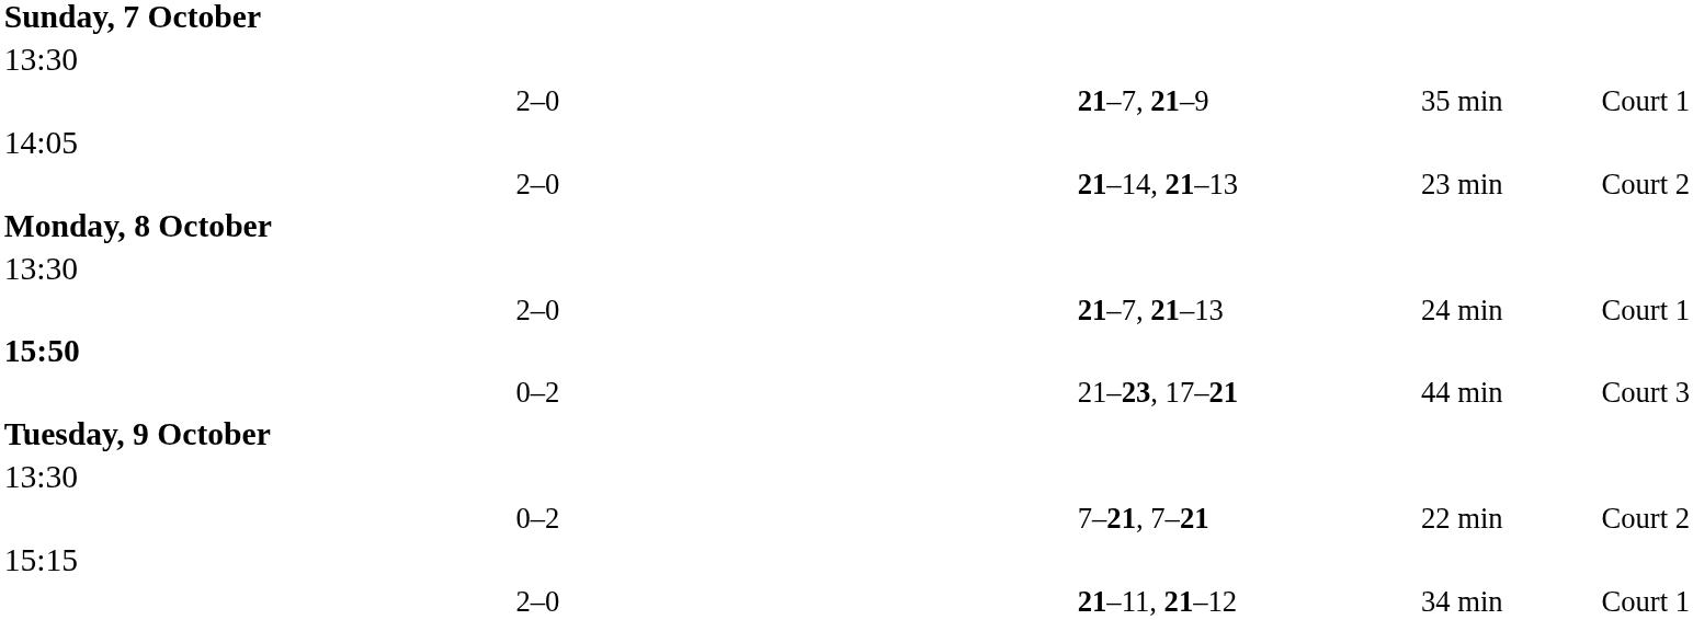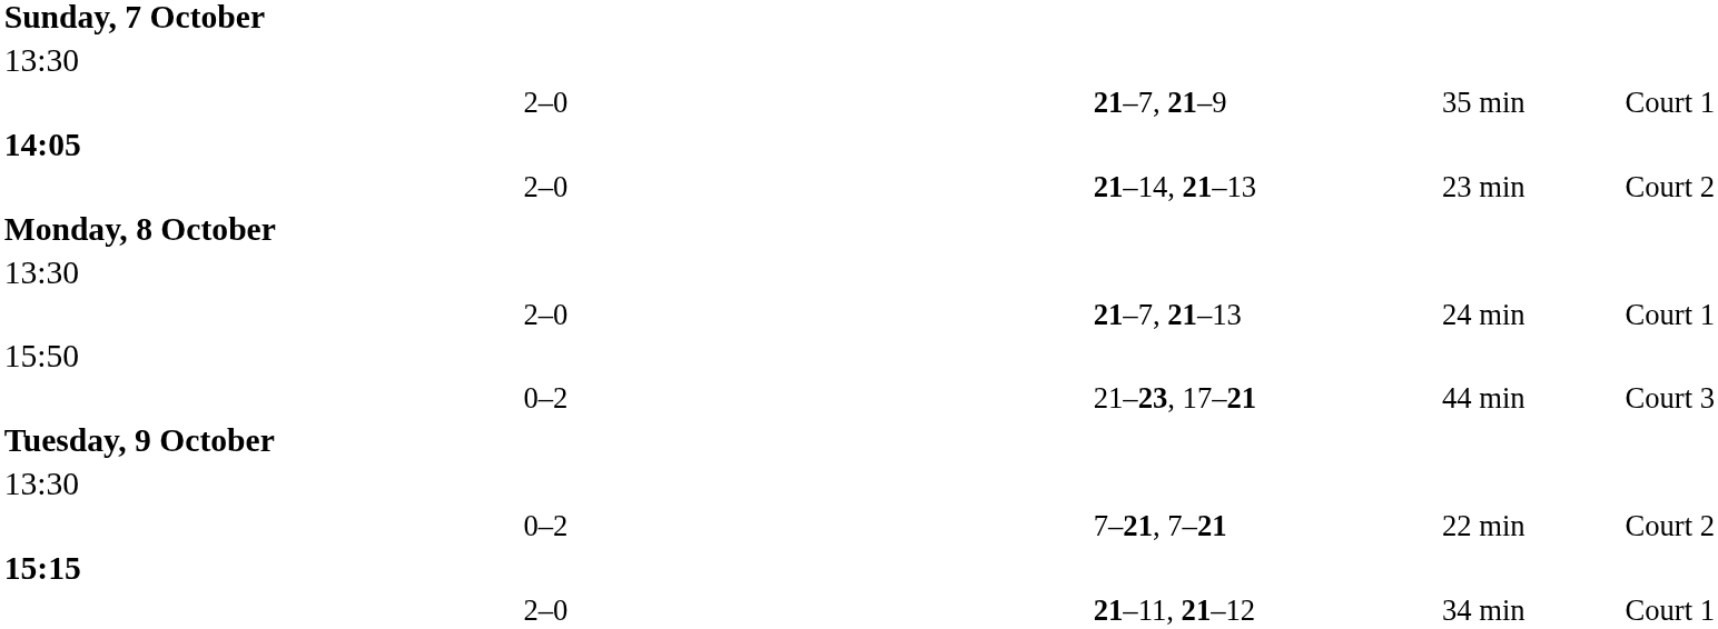 <table style="width:100%;" cellspacing="1">
 <tr>
 <th width=25%></th>
 <th width=10%></th>
 <th width=25%></th>
 </tr>
 <tr>
 <td><strong>Sunday, 7 October</strong></td>
 </tr>
 <tr>
 <td>13:30</td>
 </tr>
 <tr style=font-size:90%>
 <td align=right><strong></strong></td>
 <td align=center>2–0</td>
 <td></td>
 <td><strong>21</strong>–7, <strong>21</strong>–9</td>
 <td>35 min</td>
 <td>Court 1</td>
 </tr>
 <tr>
-<td>14:05</td>
+<td><strong>14:05</strong></td>
 </tr>
 <tr style=font-size:90%>
 <td align=right><strong></strong></td>
 <td align=center>2–0</td>
 <td></td>
 <td><strong>21</strong>–14, <strong>21</strong>–13</td>
 <td>23 min</td>
 <td>Court 2</td>
 </tr>
 <tr>
 <td><strong>Monday, 8 October</strong></td>
 </tr>
 <tr>
 <td>13:30</td>
 </tr>
 <tr style=font-size:90%>
 <td align=right><strong></strong></td>
 <td align=center>2–0</td>
 <td></td>
 <td><strong>21</strong>–7, <strong>21</strong>–13</td>
 <td>24 min</td>
 <td>Court 1</td>
 </tr>
 <tr>
-<td><strong>15:50</strong></td>
+<td>15:50</td>
 </tr>
 <tr style=font-size:90%>
 <td align=right></td>
 <td align=center>0–2</td>
 <td><strong></strong></td>
 <td>21–<strong>23</strong>, 17–<strong>21</strong></td>
 <td>44 min</td>
 <td>Court 3</td>
 </tr>
 <tr>
 <td><strong>Tuesday, 9 October</strong></td>
 </tr>
 <tr>
 <td>13:30</td>
 </tr>
 <tr style=font-size:90%>
 <td align=right></td>
 <td align=center>0–2</td>
 <td><strong></strong></td>
 <td>7–<strong>21</strong>, 7–<strong>21</strong></td>
 <td>22 min</td>
 <td>Court 2</td>
 </tr>
 <tr>
-<td>15:15</td>
+<td><strong>15:15</strong></td>
 </tr>
 <tr style=font-size:90%>
 <td align=right><strong></strong></td>
 <td align=center>2–0</td>
 <td></td>
 <td><strong>21</strong>–11, <strong>21</strong>–12</td>
 <td>34 min</td>
 <td>Court 1</td>
 </tr>
 </table>
